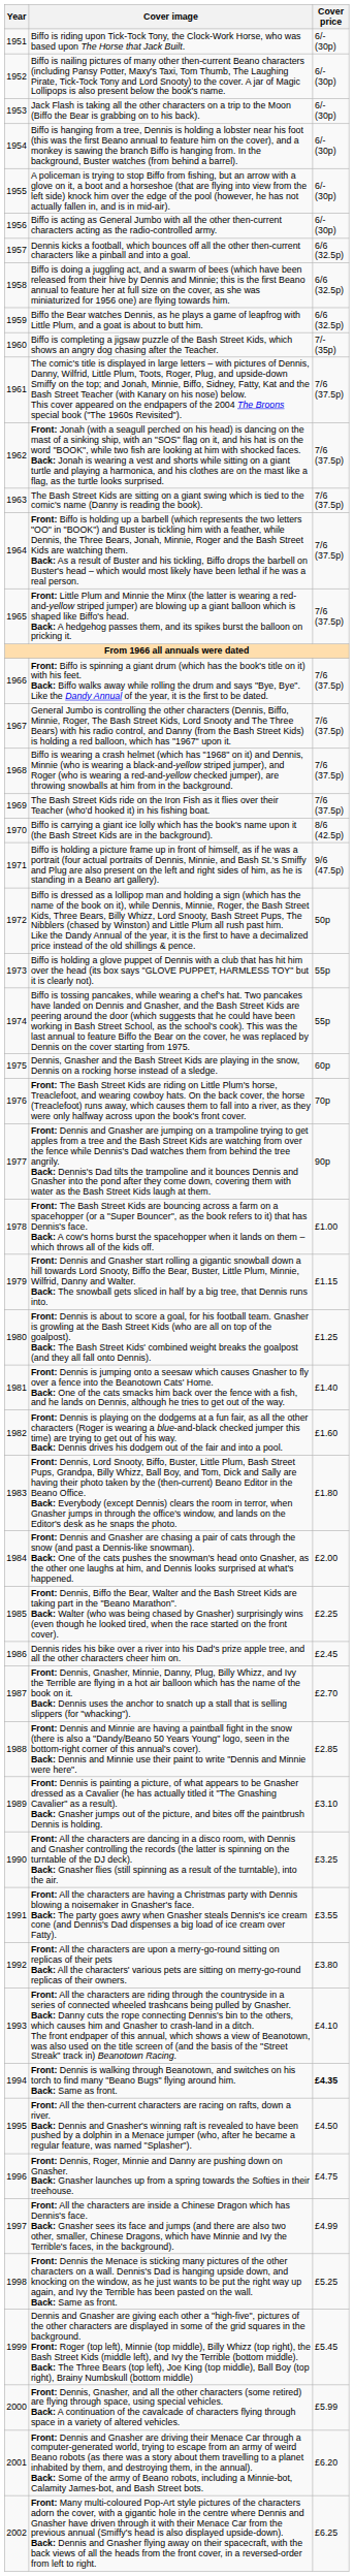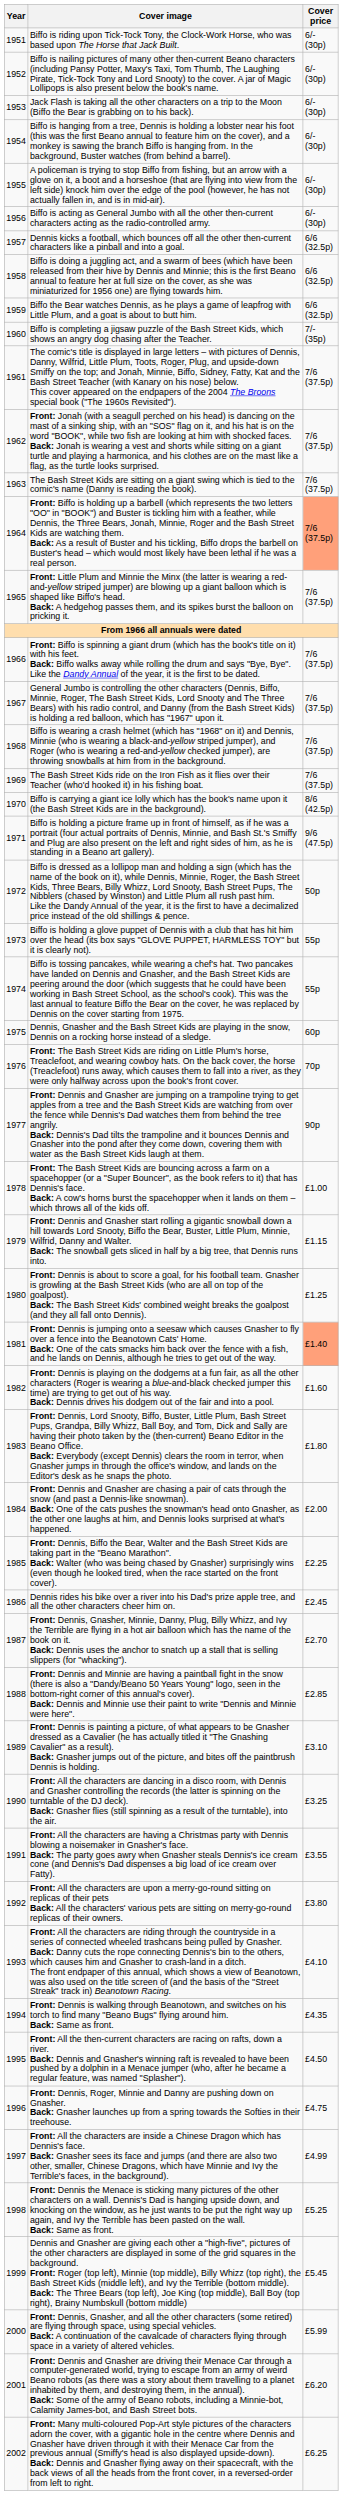 <table class="wikitable">
 <tr>
 <th>Year</th>
 <th>Cover image</th>
 <th>Cover price</th>
 </tr>
 <tr>
 <td>1951</td>
 <td>Biffo is riding upon Tick-Tock Tony, the Clock-Work Horse, who was based upon <em>The Horse that Jack Built</em>.</td>
 <td>6/- (30p)</td>
 </tr>
 <tr>
 <td>1952</td>
 <td>Biffo is nailing pictures of many other then-current Beano characters (including Pansy Potter, Maxy's Taxi, Tom Thumb, The Laughing Pirate, Tick-Tock Tony and Lord Snooty) to the cover. A jar of Magic Lollipops is also present below the book's name.</td>
 <td>6/- (30p)</td>
 </tr>
 <tr>
 <td>1953</td>
 <td>Jack Flash is taking all the other characters on a trip to the Moon (Biffo the Bear is grabbing on to his back).</td>
 <td>6/- (30p)</td>
 </tr>
 <tr>
 <td>1954</td>
 <td>Biffo is hanging from a tree, Dennis is holding a lobster near his foot (this was the first Beano annual to feature him on the cover), and a monkey is sawing the branch Biffo is hanging from. In the background, Buster watches (from behind a barrel).</td>
 <td>6/- (30p)</td>
 </tr>
 <tr>
 <td>1955</td>
 <td>A policeman is trying to stop Biffo from fishing, but an arrow with a glove on it, a boot and a horseshoe (that are flying into view from the left side) knock him over the edge of the pool (however, he has not actually fallen in, and is in mid-air).</td>
 <td>6/- (30p)</td>
 </tr>
 <tr>
 <td>1956</td>
 <td>Biffo is acting as General Jumbo with all the other then-current characters acting as the radio-controlled army.</td>
 <td>6/- (30p)</td>
 </tr>
 <tr>
 <td>1957</td>
 <td>Dennis kicks a football, which bounces off all the other then-current characters like a pinball and into a goal.</td>
 <td>6/6 (32.5p)</td>
 </tr>
 <tr>
 <td>1958</td>
 <td>Biffo is doing a juggling act, and a swarm of bees (which have been released from their hive by Dennis and Minnie; this is the first Beano annual to feature her at full size on the cover, as she was miniaturized for 1956 one) are flying towards him.</td>
 <td>6/6 (32.5p)</td>
 </tr>
 <tr>
 <td>1959</td>
 <td>Biffo the Bear watches Dennis, as he plays a game of leapfrog with Little Plum, and a goat is about to butt him.</td>
 <td>6/6 (32.5p)</td>
 </tr>
 <tr>
 <td>1960</td>
 <td>Biffo is completing a jigsaw puzzle of the Bash Street Kids, which shows an angry dog chasing after the Teacher.</td>
 <td>7/- (35p)</td>
 </tr>
 <tr>
 <td>1961</td>
 <td>The comic's title is displayed in large letters – with pictures of Dennis, Danny, Wilfrid, Little Plum, Toots, Roger, Plug, and upside-down Smiffy on the top; and Jonah, Minnie, Biffo, Sidney, Fatty, Kat and the Bash Street Teacher (with Kanary on his nose) below. <br>This cover appeared on the endpapers of the 2004 <em><a href='#'>The Broons</a></em> special book ("The 1960s Revisited").</td>
 <td>7/6 (37.5p)</td>
 </tr>
 <tr>
 <td>1962</td>
 <td><strong>Front:</strong> Jonah (with a seagull perched on his head) is dancing on the mast of a sinking ship, with an "SOS" flag on it, and his hat is on the word "BOOK", while two fish are looking at him with shocked faces. <br><strong>Back:</strong> Jonah is wearing a vest and shorts while sitting on a giant turtle and playing a harmonica, and his clothes are on the mast like a flag, as the turtle looks surprised.</td>
 <td>7/6 (37.5p)</td>
 </tr>
 <tr>
 <td>1963</td>
 <td>The Bash Street Kids are sitting on a giant swing which is tied to the comic's name (Danny is reading the book).</td>
 <td>7/6 (37.5p)</td>
 </tr>
 <tr>
 <td>1964</td>
 <td><strong>Front:</strong> Biffo is holding up a barbell (which represents the two letters "OO" in "BOOK") and Buster is tickling him with a feather, while Dennis, the Three Bears, Jonah, Minnie, Roger and the Bash Street Kids are watching them. <br><strong>Back:</strong> As a result of Buster and his tickling, Biffo drops the barbell on Buster's head – which would most likely have been lethal if he was a real person.</td>
-<td>7/6 (37.5p)</td>
+<td style="background: lightsalmon;">7/6 (37.5p)</td>
 </tr>
 <tr>
 <td>1965</td>
 <td><strong>Front:</strong> Little Plum and Minnie the Minx (the latter is wearing a red-and-<em>yellow</em> striped jumper) are blowing up a giant balloon which is shaped like Biffo's head. <br><strong>Back:</strong> A hedgehog passes them, and its spikes burst the balloon on pricking it.</td>
 <td>7/6 (37.5p)</td>
 </tr>
 <tr>
 <td colspan="3" align=center style="background: #ffdead"><strong>From 1966 all annuals were dated</strong></td>
 </tr>
 <tr>
 <td>1966</td>
 <td><strong>Front:</strong> Biffo is spinning a giant drum (which has the book's title on it) with his feet. <br><strong>Back:</strong> Biffo walks away while rolling the drum and says "Bye, Bye". Like the <em><a href='#'>Dandy Annual</a></em> of the year, it is the first to be dated.</td>
 <td>7/6 (37.5p)</td>
 </tr>
 <tr>
 <td>1967</td>
 <td>General Jumbo is controlling the other characters (Dennis, Biffo, Minnie, Roger, The Bash Street Kids, Lord Snooty and The Three Bears) with his radio control, and Danny (from the Bash Street Kids) is holding a red balloon, which has "1967" upon it.</td>
 <td>7/6 (37.5p)</td>
 </tr>
 <tr>
 <td>1968</td>
 <td>Biffo is wearing a crash helmet (which has "1968" on it) and Dennis, Minnie (who is wearing a black-and-<em>yellow</em> striped jumper), and Roger (who is wearing a red-and-<em>yellow</em> checked jumper), are throwing snowballs at him from in the background.</td>
 <td>7/6 (37.5p)</td>
 </tr>
 <tr>
 <td>1969</td>
 <td>The Bash Street Kids ride on the Iron Fish as it flies over their Teacher (who'd hooked it) in his fishing boat.</td>
 <td>7/6 (37.5p)</td>
 </tr>
 <tr>
 <td>1970</td>
 <td>Biffo is carrying a giant ice lolly which has the book's name upon it (the Bash Street Kids are in the background).</td>
 <td>8/6 (42.5p)</td>
 </tr>
 <tr>
 <td>1971</td>
 <td>Biffo is holding a picture frame up in front of himself, as if he was a portrait (four actual portraits of Dennis, Minnie, and Bash St.'s Smiffy and Plug are also present on the left and right sides of him, as he is standing in a Beano art gallery).</td>
 <td>9/6 (47.5p)</td>
 </tr>
 <tr>
 <td>1972</td>
 <td>Biffo is dressed as a lollipop man and holding a sign (which has the name of the book on it), while Dennis, Minnie, Roger, the Bash Street Kids, Three Bears, Billy Whizz, Lord Snooty, Bash Street Pups, The Nibblers (chased by Winston) and Little Plum all rush past him. <br>Like the Dandy Annual of the year, it is the first to have a decimalized price instead of the old shillings & pence.</td>
 <td>50p</td>
 </tr>
 <tr>
 <td>1973</td>
 <td>Biffo is holding a glove puppet of Dennis with a club that has hit him over the head (its box says "GLOVE PUPPET, HARMLESS TOY" but it is clearly not).</td>
 <td>55p</td>
 </tr>
 <tr>
 <td>1974</td>
 <td>Biffo is tossing pancakes, while wearing a chef's hat. Two pancakes have landed on Dennis and Gnasher, and the Bash Street Kids are peering around the door (which suggests that he could have been working in Bash Street School, as the school's cook). This was the last annual to feature Biffo the Bear on the cover, he was replaced by Dennis on the cover starting from 1975.</td>
 <td>55p</td>
 </tr>
 <tr>
 <td>1975</td>
 <td>Dennis, Gnasher and the Bash Street Kids are playing in the snow, Dennis on a rocking horse instead of a sledge.</td>
 <td>60p</td>
 </tr>
 <tr>
 <td>1976</td>
 <td><strong>Front:</strong> The Bash Street Kids are riding on Little Plum's horse, Treaclefoot, and wearing cowboy hats. On the back cover, the horse (Treaclefoot) runs away, which causes them to fall into a river, as they were only halfway across upon the book's front cover.</td>
 <td>70p</td>
 </tr>
 <tr>
 <td>1977</td>
 <td><strong>Front:</strong> Dennis and Gnasher are jumping on a trampoline trying to get apples from a tree and the Bash Street Kids are watching from over the fence while Dennis's Dad watches them from behind the tree angrily. <br><strong>Back:</strong> Dennis's Dad tilts the trampoline and it bounces Dennis and Gnasher into the pond after they come down, covering them with water as the Bash Street Kids laugh at them.</td>
 <td>90p</td>
 </tr>
 <tr>
 <td>1978</td>
 <td><strong>Front:</strong> The Bash Street Kids are bouncing across a farm on a spacehopper (or a "Super Bouncer", as the book refers to it) that has Dennis's face. <br><strong>Back:</strong> A cow's horns burst the spacehopper when it lands on them – which throws all of the kids off.</td>
 <td>£1.00</td>
 </tr>
 <tr>
 <td>1979</td>
 <td><strong>Front:</strong> Dennis and Gnasher start rolling a gigantic snowball down a hill towards Lord Snooty, Biffo the Bear, Buster, Little Plum, Minnie, Wilfrid, Danny and Walter. <br><strong>Back:</strong> The snowball gets sliced in half by a big tree, that Dennis runs into.</td>
 <td>£1.15</td>
 </tr>
 <tr>
 <td>1980</td>
 <td><strong>Front:</strong> Dennis is about to score a goal, for his football team. Gnasher is growling at the Bash Street Kids (who are all on top of the goalpost). <br><strong>Back:</strong> The Bash Street Kids' combined weight breaks the goalpost (and they all fall onto Dennis).</td>
 <td>£1.25</td>
 </tr>
 <tr>
 <td>1981</td>
 <td><strong>Front:</strong> Dennis is jumping onto a seesaw which causes Gnasher to fly over a fence into the Beanotown Cats' Home. <br><strong>Back:</strong> One of the cats smacks him back over the fence with a fish, and he lands on Dennis, although he tries to get out of the way.</td>
-<td>£1.40</td>
+<td style="background: lightsalmon;">£1.40</td>
 </tr>
 <tr>
 <td>1982</td>
 <td><strong>Front:</strong> Dennis is playing on the dodgems at a fun fair, as all the other characters (Roger is wearing a <em>blue</em>-and-black checked jumper this time) are trying to get out of his way. <br><strong>Back:</strong> Dennis drives his dodgem out of the fair and into a pool.</td>
 <td>£1.60</td>
 </tr>
 <tr>
 <td>1983</td>
 <td><strong>Front:</strong> Dennis, Lord Snooty, Biffo, Buster, Little Plum, Bash Street Pups, Grandpa, Billy Whizz, Ball Boy, and Tom, Dick and Sally are having their photo taken by the (then-current) Beano Editor in the Beano Office. <br><strong>Back:</strong> Everybody (except Dennis) clears the room in terror, when Gnasher jumps in through the office's window, and lands on the Editor's desk as he snaps the photo.</td>
 <td>£1.80</td>
 </tr>
 <tr>
 <td>1984</td>
 <td><strong>Front:</strong> Dennis and Gnasher are chasing a pair of cats through the snow (and past a Dennis-like snowman). <br><strong>Back:</strong> One of the cats pushes the snowman's head onto Gnasher, as the other one laughs at him, and Dennis looks surprised at what's happened.</td>
 <td>£2.00</td>
 </tr>
 <tr>
 <td>1985</td>
 <td><strong>Front:</strong> Dennis, Biffo the Bear, Walter and the Bash Street Kids are taking part in the "Beano Marathon". <br><strong>Back:</strong> Walter (who was being chased by Gnasher) surprisingly wins (even though he looked tired, when the race started on the front cover).</td>
 <td>£2.25</td>
 </tr>
 <tr>
 <td>1986</td>
 <td>Dennis rides his bike over a river into his Dad's prize apple tree, and all the other characters cheer him on.</td>
 <td>£2.45</td>
 </tr>
 <tr>
 <td>1987</td>
 <td><strong>Front:</strong> Dennis, Gnasher, Minnie, Danny, Plug, Billy Whizz, and Ivy the Terrible are flying in a hot air balloon which has the name of the book on it. <br><strong>Back:</strong> Dennis uses the anchor to snatch up a stall that is selling slippers (for "whacking").</td>
 <td>£2.70</td>
 </tr>
 <tr>
 <td>1988</td>
 <td><strong>Front:</strong> Dennis and Minnie are having a paintball fight in the snow (there is also a "Dandy/Beano 50 Years Young" logo, seen in the bottom-right corner of this annual's cover). <br><strong>Back:</strong> Dennis and Minnie use their paint to write "Dennis and Minnie were here".</td>
 <td>£2.85</td>
 </tr>
 <tr>
 <td>1989</td>
 <td><strong>Front:</strong> Dennis is painting a picture, of what appears to be Gnasher dressed as a Cavalier (he has actually titled it "The Gnashing Cavalier" as a result). <br><strong>Back:</strong> Gnasher jumps out of the picture, and bites off the paintbrush Dennis is holding.</td>
 <td>£3.10</td>
 </tr>
 <tr>
 <td>1990</td>
 <td><strong>Front:</strong> All the characters are dancing in a disco room, with Dennis and Gnasher controlling the records (the latter is spinning on the turntable of the DJ deck). <br><strong>Back:</strong> Gnasher flies (still spinning as a result of the turntable), into the air.</td>
 <td>£3.25</td>
 </tr>
 <tr>
 <td>1991</td>
 <td><strong>Front:</strong> All the characters are having a Christmas party with Dennis blowing a noisemaker in Gnasher's face. <br><strong>Back:</strong> The party goes awry when Gnasher steals Dennis's ice cream cone (and Dennis's Dad dispenses a big load of ice cream over Fatty).</td>
 <td>£3.55</td>
 </tr>
 <tr>
 <td>1992</td>
 <td><strong>Front:</strong> All the characters are upon a merry-go-round sitting on replicas of their pets <br><strong>Back:</strong> All the characters' various pets are sitting on merry-go-round replicas of their owners.</td>
 <td>£3.80</td>
 </tr>
 <tr>
 <td>1993</td>
 <td><strong>Front:</strong> All the characters are riding through the countryside in a series of connected wheeled trashcans being pulled by Gnasher. <br><strong>Back:</strong> Danny cuts the rope connecting Dennis's bin to the others, which causes him and Gnasher to crash-land in a ditch. <br>The front endpaper of this annual, which shows a view of Beanotown, was also used on the title screen of (and the basis of the "Street Streak" track in) <em>Beanotown Racing</em>.</td>
 <td>£4.10</td>
 </tr>
 <tr>
 <td>1994</td>
 <td><strong>Front:</strong> Dennis is walking through Beanotown, and switches on his torch to find many "Beano Bugs" flying around him. <br><strong>Back:</strong> Same as front.</td>
-<td><strong>£4.35</strong></td>
+<td>£4.35</td>
 </tr>
 <tr>
 <td>1995</td>
 <td><strong>Front:</strong> All the then-current characters are racing on rafts, down a river. <br><strong>Back:</strong> Dennis and Gnasher's winning raft is revealed to have been pushed by a dolphin in a Menace jumper (who, after he became a regular feature, was named "Splasher").</td>
 <td>£4.50</td>
 </tr>
 <tr>
 <td>1996</td>
 <td><strong>Front:</strong> Dennis, Roger, Minnie and Danny are pushing down on Gnasher. <br><strong>Back:</strong> Gnasher launches up from a spring towards the Softies in their treehouse.</td>
 <td>£4.75</td>
 </tr>
 <tr>
 <td>1997</td>
 <td><strong>Front:</strong> All the characters are inside a Chinese Dragon which has Dennis's face. <br><strong>Back:</strong> Gnasher sees its face and jumps (and there are also two other, smaller, Chinese Dragons, which have Minnie and Ivy the Terrible's faces, in the background).</td>
 <td>£4.99</td>
 </tr>
 <tr>
 <td>1998</td>
 <td><strong>Front:</strong> Dennis the Menace is sticking many pictures of the other characters on a wall. Dennis's Dad is hanging upside down, and knocking on the window, as he just wants to be put the right way up again, and Ivy the Terrible has been pasted on the wall. <br><strong>Back:</strong> Same as front.</td>
 <td>£5.25</td>
 </tr>
 <tr>
 <td>1999</td>
 <td>Dennis and Gnasher are giving each other a "high-five", pictures of the other characters are displayed in some of the grid squares in the background. <br> <strong>Front:</strong> Roger (top left), Minnie (top middle), Billy Whizz (top right), the Bash Street Kids (middle left), and Ivy the Terrible (bottom middle). <br><strong>Back:</strong> The Three Bears (top left), Joe King (top middle), Ball Boy (top right), Brainy Numbskull (bottom middle)</td>
 <td>£5.45</td>
 </tr>
 <tr>
 <td>2000</td>
 <td><strong>Front:</strong> Dennis, Gnasher, and all the other characters (some retired) are flying through space, using special vehicles. <br><strong>Back:</strong> A continuation of the cavalcade of characters flying through space in a variety of altered vehicles.</td>
 <td>£5.99</td>
 </tr>
 <tr>
 <td>2001</td>
 <td><strong>Front:</strong> Dennis and Gnasher are driving their Menace Car through a computer-generated world, trying to escape from an army of weird Beano robots (as there was a story about them travelling to a planet inhabited by them, and destroying them, in the annual). <br><strong>Back:</strong> Some of the army of Beano robots, including a Minnie-bot, Calamity James-bot, and Bash Street bots.</td>
 <td>£6.20</td>
 </tr>
 <tr>
 <td>2002</td>
 <td><strong>Front:</strong> Many multi-coloured Pop-Art style pictures of the characters adorn the cover, with a gigantic hole in the centre where Dennis and Gnasher have driven through it with their Menace Car from the previous annual (Smiffy's head is also displayed upside-down). <br><strong>Back:</strong> Dennis and Gnasher flying away on their spacecraft, with the back views of all the heads from the front cover, in a reversed-order from left to right.</td>
 <td>£6.25</td>
 </tr>
 </table>
